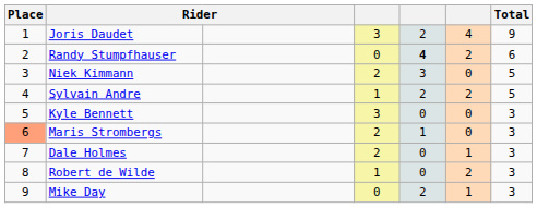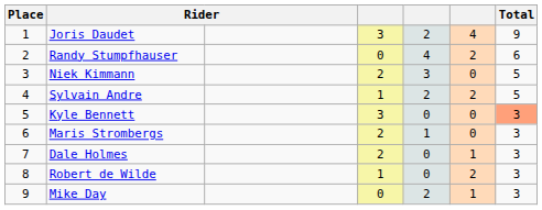 <table class=wikitable style="border:1px solid #AAAAAA;font-size:90%">
 <tr bgcolor="#EFEFEF">
 <th>Place</th>
 <th width=301 colspan="2">Rider</th>
 <th width=40></th>
 <th width=40></th>
 <th width=40></th>
 <th>Total</th>
 </tr>
 <tr>
 <td align="center">1</td>
 <td width="150"><a href='#'>Joris Daudet</a></td>
 <td></td>
 <td bgcolor=F7F6A8 align="center">3</td>
 <td bgcolor=DCE5E5 align="center">2</td>
 <td bgcolor=FFDAB9 align="center">4</td>
 <td align="center">9</td>
 </tr>
 <tr>
 <td align="center">2</td>
 <td width="150"><a href='#'>Randy Stumpfhauser</a></td>
 <td></td>
 <td bgcolor=F7F6A8 align="center">0</td>
-<td bgcolor=DCE5E5 align="center"><strong>4</strong></td>
+<td bgcolor=DCE5E5 align="center">4</td>
 <td bgcolor=FFDAB9 align="center">2</td>
 <td align="center">6</td>
 </tr>
 <tr>
 <td align="center">3</td>
 <td width="150"><a href='#'>Niek Kimmann</a></td>
 <td></td>
 <td bgcolor=F7F6A8 align="center">2</td>
 <td bgcolor=DCE5E5 align="center">3</td>
 <td bgcolor=FFDAB9 align="center">0</td>
 <td align="center">5</td>
 </tr>
 <tr>
 <td align="center">4</td>
 <td width="150"><a href='#'>Sylvain Andre</a></td>
 <td></td>
 <td bgcolor=F7F6A8 align="center">1</td>
 <td bgcolor=DCE5E5 align="center">2</td>
 <td bgcolor=FFDAB9 align="center">2</td>
 <td align="center">5</td>
 </tr>
 <tr>
 <td align="center">5</td>
 <td width="150"><a href='#'>Kyle Bennett</a></td>
 <td></td>
 <td bgcolor=F7F6A8 align="center">3</td>
 <td bgcolor=DCE5E5 align="center">0</td>
 <td bgcolor=FFDAB9 align="center">0</td>
-<td align="center">3</td>
+<td align="center" style="background: lightsalmon;">3</td>
 </tr>
 <tr>
-<td align="center" style="background: lightsalmon;">6</td>
+<td align="center">6</td>
 <td width="150"><a href='#'>Maris Strombergs</a></td>
 <td></td>
 <td bgcolor=F7F6A8 align="center">2</td>
 <td bgcolor=DCE5E5 align="center">1</td>
 <td bgcolor=FFDAB9 align="center">0</td>
 <td align="center">3</td>
 </tr>
 <tr>
 <td align="center">7</td>
 <td width="150"><a href='#'>Dale Holmes</a></td>
 <td></td>
 <td bgcolor=F7F6A8 align="center">2</td>
 <td bgcolor=DCE5E5 align="center">0</td>
 <td bgcolor=FFDAB9 align="center">1</td>
 <td align="center">3</td>
 </tr>
 <tr>
 <td align="center">8</td>
 <td width="150"><a href='#'>Robert de Wilde</a></td>
 <td></td>
 <td bgcolor=F7F6A8 align="center">1</td>
 <td bgcolor=DCE5E5 align="center">0</td>
 <td bgcolor=FFDAB9 align="center">2</td>
 <td align="center">3</td>
 </tr>
 <tr>
 <td align="center">9</td>
 <td width="150"><a href='#'>Mike Day</a></td>
 <td></td>
 <td bgcolor=F7F6A8 align="center">0</td>
 <td bgcolor=DCE5E5 align="center">2</td>
 <td bgcolor=FFDAB9 align="center">1</td>
 <td align="center">3</td>
 </tr>
 </table>
